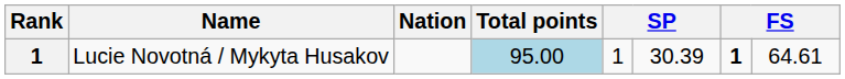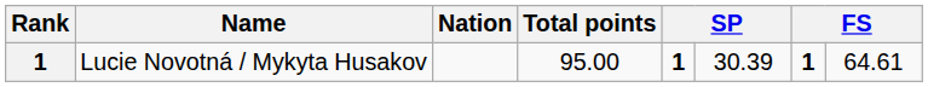 <table class="wikitable sortable">
 <tr>
 <th>Rank</th>
 <th>Name</th>
 <th>Nation</th>
 <th>Total points</th>
 <th colspan="2" width="80px"><a href='#'>SP</a></th>
 <th colspan="2" width="80px"><a href='#'>FS</a></th>
 </tr>
 <tr>
 <th>1</th>
 <td>Lucie Novotná / Mykyta Husakov</td>
 <td></td>
-<td align="center" style="background: lightblue;">95.00</td>
-<td align="center">1</td>
+<td align="center">95.00</td>
+<td align="center"><strong>1</strong></td>
 <td align="center">30.39</td>
 <td align="center"><strong>1</strong></td>
 <td align="center">64.61</td>
 </tr>
 </table>
